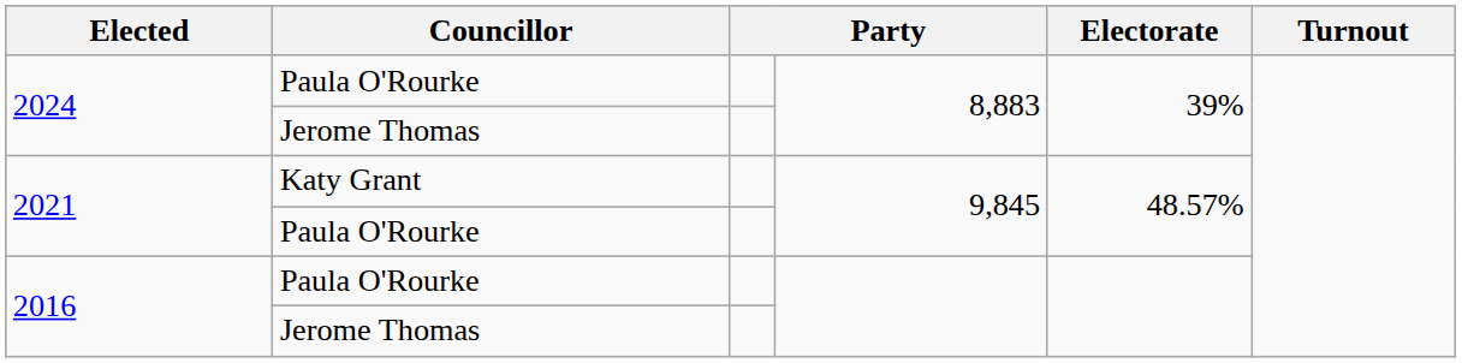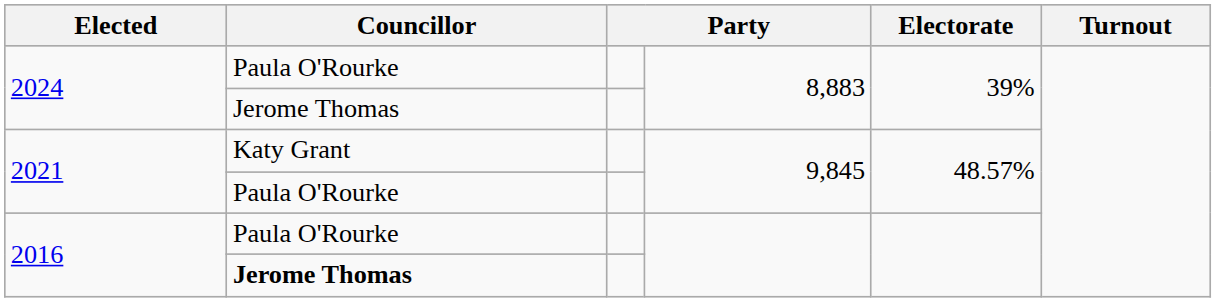 <table class="wikitable" style="width:46em;">
 <tr>
 <th scope=col style="width:8em;">Elected</th>
 <th scope=col style="width:14em;">Councillor</th>
 <th scope=col style="width:12em;" colspan=2>Party</th>
 <th scope=col style="width:6em;">Electorate</th>
 <th scope=col style="width:6em;">Turnout</th>
 </tr>
 <tr>
 <td rowspan=2><a href='#'>2024</a></td>
 <td>Paula O'Rourke</td>
 <td></td>
 <td rowspan=2 style="text-align:right;">8,883</td>
 <td rowspan=2 style="text-align:right;">39%</td>
 </tr>
 <tr>
 <td>Jerome Thomas</td>
 <td></td>
 </tr>
 <tr>
 <td rowspan=2><a href='#'>2021</a></td>
 <td>Katy Grant</td>
 <td></td>
 <td rowspan=2 style="text-align:right;">9,845</td>
 <td rowspan=2 style="text-align:right;">48.57%</td>
 </tr>
 <tr>
 <td>Paula O'Rourke</td>
 <td></td>
 </tr>
 <tr>
 <td rowspan=2><a href='#'>2016</a></td>
 <td>Paula O'Rourke</td>
 <td></td>
 <td rowspan=2 style="text-align:right;"></td>
 <td rowspan=2 style="text-align:right;"></td>
 </tr>
 <tr>
-<td>Jerome Thomas</td>
+<td><strong>Jerome Thomas</strong></td>
 <td></td>
 </tr>
 </table>
